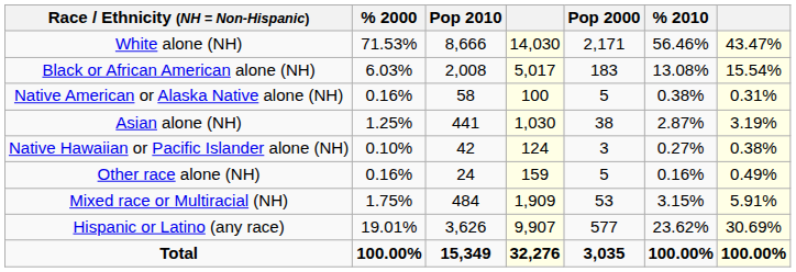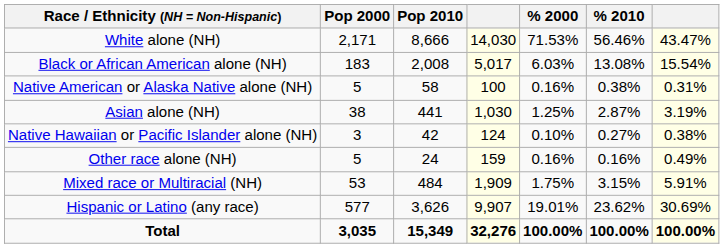 <table class="wikitable" style="text-align:center;">
 <tr>
 <th>Race / Ethnicity <small>(<em>NH = Non-Hispanic</em>)</small></th>
-<th>% 2000</th>
+<th>Pop 2000</th>
 <th>Pop 2010</th>
 <th></th>
-<th>Pop 2000</th>
+<th>% 2000</th>
 <th>% 2010</th>
 <th></th>
 </tr>
 <tr>
 <td><a href='#'>White</a> alone (NH)</td>
-<td>71.53%</td>
+<td>2,171</td>
 <td>8,666</td>
 <td style='background: #ffffe6;'>14,030</td>
-<td>2,171</td>
+<td>71.53%</td>
 <td>56.46%</td>
 <td style='background: #ffffe6;'>43.47%</td>
 </tr>
 <tr>
 <td><a href='#'>Black or African American</a> alone (NH)</td>
-<td>6.03%</td>
+<td>183</td>
 <td>2,008</td>
 <td style='background: #ffffe6;'>5,017</td>
-<td>183</td>
+<td>6.03%</td>
 <td>13.08%</td>
 <td style='background: #ffffe6;'>15.54%</td>
 </tr>
 <tr>
 <td><a href='#'>Native American</a> or <a href='#'>Alaska Native</a> alone (NH)</td>
-<td>0.16%</td>
+<td>5</td>
 <td>58</td>
 <td style='background: #ffffe6;'>100</td>
-<td>5</td>
+<td>0.16%</td>
 <td>0.38%</td>
 <td style='background: #ffffe6;'>0.31%</td>
 </tr>
 <tr>
 <td><a href='#'>Asian</a> alone (NH)</td>
-<td>1.25%</td>
+<td>38</td>
 <td>441</td>
 <td style='background: #ffffe6;'>1,030</td>
-<td>38</td>
+<td>1.25%</td>
 <td>2.87%</td>
 <td style='background: #ffffe6;'>3.19%</td>
 </tr>
 <tr>
 <td><a href='#'>Native Hawaiian</a> or <a href='#'>Pacific Islander</a> alone (NH)</td>
-<td>0.10%</td>
+<td>3</td>
 <td>42</td>
 <td style='background: #ffffe6;'>124</td>
-<td>3</td>
+<td>0.10%</td>
 <td>0.27%</td>
 <td style='background: #ffffe6;'>0.38%</td>
 </tr>
 <tr>
 <td><a href='#'>Other race</a> alone (NH)</td>
-<td>0.16%</td>
+<td>5</td>
 <td>24</td>
 <td style='background: #ffffe6;'>159</td>
-<td>5</td>
+<td>0.16%</td>
 <td>0.16%</td>
 <td style='background: #ffffe6;'>0.49%</td>
 </tr>
 <tr>
 <td><a href='#'>Mixed race or Multiracial</a> (NH)</td>
-<td>1.75%</td>
+<td>53</td>
 <td>484</td>
 <td style='background: #ffffe6;'>1,909</td>
-<td>53</td>
+<td>1.75%</td>
 <td>3.15%</td>
 <td style='background: #ffffe6;'>5.91%</td>
 </tr>
 <tr>
 <td><a href='#'>Hispanic or Latino</a> (any race)</td>
-<td>19.01%</td>
+<td>577</td>
 <td>3,626</td>
 <td style='background: #ffffe6;'>9,907</td>
-<td>577</td>
+<td>19.01%</td>
 <td>23.62%</td>
 <td style='background: #ffffe6;'>30.69%</td>
 </tr>
 <tr>
 <td><strong>Total</strong></td>
-<td><strong>100.00%</strong></td>
+<td><strong>3,035</strong></td>
 <td><strong>15,349</strong></td>
 <td style='background: #ffffe6;'><strong>32,276</strong></td>
-<td><strong>3,035</strong></td>
+<td><strong>100.00%</strong></td>
 <td><strong>100.00%</strong></td>
 <td style='background: #ffffe6;'><strong>100.00%</strong></td>
 </tr>
 </table>
